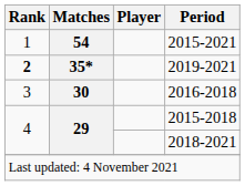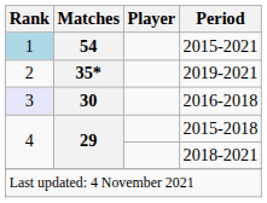 <table class="wikitable plainrowheaders sortable">
 <tr>
 <th scope=col>Rank</th>
 <th scope=col>Matches</th>
 <th scope=col>Player</th>
 <th scope=col>Period</th>
 </tr>
 <tr>
-<td align=center>1</td>
+<td align=center style="background: lightblue;">1</td>
 <th scope=row style=text-align:center;>54</th>
 <td> </td>
 <td>2015-2021</td>
 </tr>
 <tr>
-<td align=center><strong>2</strong></td>
+<td align=center>2</td>
 <th scope=row style=text-align:center;>35*</th>
 <td></td>
 <td>2019-2021</td>
 </tr>
 <tr>
-<td align=center>3</td>
+<td align=center style="background: lavender;">3</td>
 <th scope=row style=text-align:center;>30</th>
 <td></td>
 <td>2016-2018</td>
 </tr>
 <tr>
 <td align=center rowspan=2>4</td>
 <th scope=row style=text-align:center; rowspan=2>29</th>
 <td></td>
 <td>2015-2018</td>
 </tr>
 <tr>
 <td></td>
 <td>2018-2021</td>
 </tr>
 <tr>
 </tr>
 <tr class=sortbottom>
 <td colspan=4><small>Last updated: 4 November 2021</small></td>
 </tr>
 </table>
